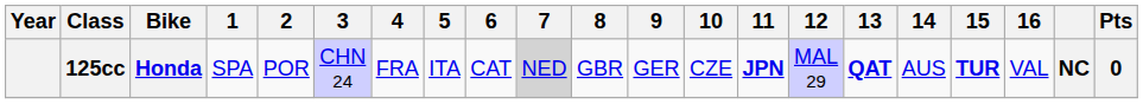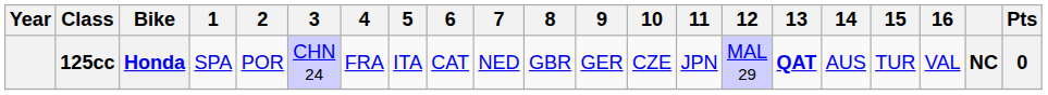 <table class="wikitable" style="text-align:center">
 <tr>
 <th>Year</th>
 <th>Class</th>
 <th>Bike</th>
 <th>1</th>
 <th>2</th>
 <th>3</th>
 <th>4</th>
 <th>5</th>
 <th>6</th>
 <th>7</th>
 <th>8</th>
 <th>9</th>
 <th>10</th>
 <th>11</th>
 <th>12</th>
 <th>13</th>
 <th>14</th>
 <th>15</th>
 <th>16</th>
 <th></th>
 <th>Pts</th>
 </tr>
 <tr>
 <th align="left"></th>
 <th align="left">125cc</th>
 <th align="left"><a href='#'>Honda</a></th>
 <td><a href='#'>SPA</a></td>
 <td><a href='#'>POR</a></td>
 <td style="background:#cfcfff;"><a href='#'>CHN</a><br><small>24</small></td>
 <td><a href='#'>FRA</a></td>
 <td><a href='#'>ITA</a></td>
 <td><a href='#'>CAT</a></td>
-<td style="background: lightgrey;"><a href='#'>NED</a></td>
+<td><a href='#'>NED</a></td>
 <td><a href='#'>GBR</a></td>
 <td><a href='#'>GER</a></td>
 <td><a href='#'>CZE</a></td>
-<td><strong><a href='#'>JPN</a></strong></td>
+<td><a href='#'>JPN</a></td>
 <td style="background:#cfcfff;"><a href='#'>MAL</a><br><small>29</small></td>
 <td><strong><a href='#'>QAT</a></strong></td>
 <td><a href='#'>AUS</a></td>
-<td><strong><a href='#'>TUR</a></strong></td>
+<td><a href='#'>TUR</a></td>
 <td><a href='#'>VAL</a></td>
 <th>NC</th>
 <th>0</th>
 </tr>
 <tr>
 </tr>
 </table>
